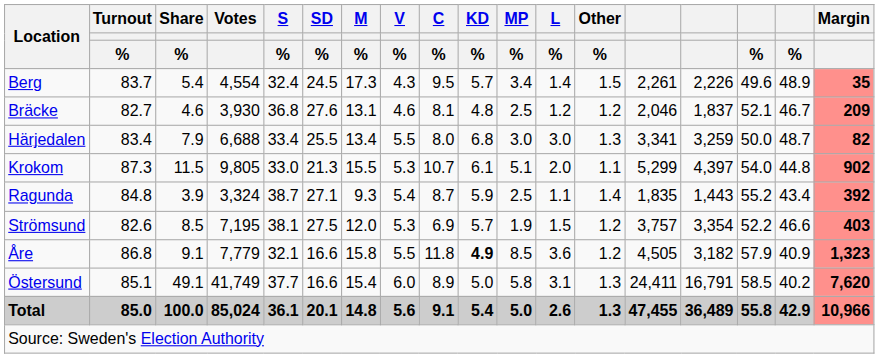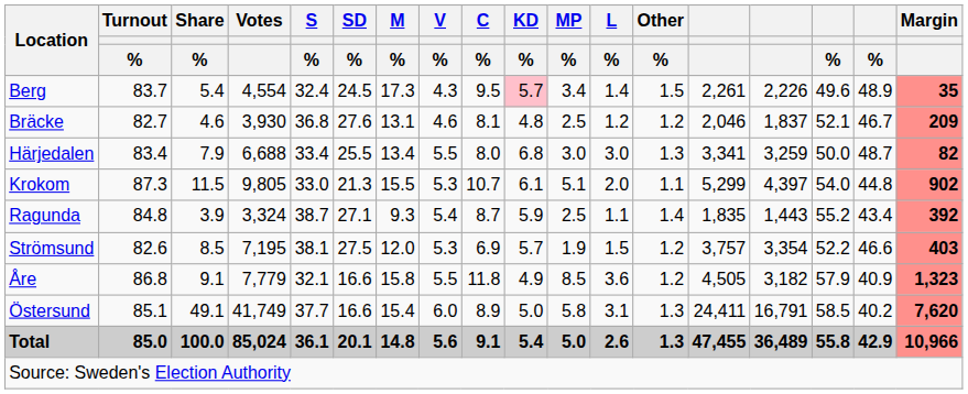 <table class="wikitable sortable" style="text-align:right; font-size:95%; line-height:20px;">
 <tr>
 <th rowspan="3">Location</th>
 <th>Turnout</th>
 <th>Share</th>
 <th>Votes</th>
 <th width="30px" class="unsortable"><a href='#'>S</a></th>
 <th width="30px" class="unsortable"><a href='#'>SD</a></th>
 <th width="30px" class="unsortable"><a href='#'>M</a></th>
 <th width="30px" class="unsortable"><a href='#'>V</a></th>
 <th width="30px" class="unsortable"><a href='#'>C</a></th>
 <th width="30px" class="unsortable"><a href='#'>KD</a></th>
 <th width="30px" class="unsortable"><a href='#'>MP</a></th>
 <th width="30px" class="unsortable"><a href='#'>L</a></th>
 <th width="30px" class="unsortable">Other</th>
 <th></th>
 <th></th>
 <th></th>
 <th></th>
 <th>Margin</th>
 </tr>
 <tr>
 <th></th>
 <th></th>
 <th></th>
 <th style="background:"></th>
 <th style="background:"></th>
 <th style="background:"></th>
 <th style="background:"></th>
 <th style="background:"></th>
 <th style="background:"></th>
 <th style="background:"></th>
 <th style="background:"></th>
 <th style="background:"></th>
 <th style="background:"></th>
 <th style="background:"></th>
 <th style="background:"></th>
 <th style="background:"></th>
 <th></th>
 </tr>
 <tr>
 <th data-sort-type="number">%</th>
 <th data-sort-type="number">%</th>
 <th></th>
 <th data-sort-type="number">%</th>
 <th data-sort-type="number">%</th>
 <th data-sort-type="number">%</th>
 <th data-sort-type="number">%</th>
 <th data-sort-type="number">%</th>
 <th data-sort-type="number">%</th>
 <th data-sort-type="number">%</th>
 <th data-sort-type="number">%</th>
 <th data-sort-type="number">%</th>
 <th data-sort-type="number"></th>
 <th data-sort-type="number"></th>
 <th data-sort-type="number">%</th>
 <th data-sort-type="number">%</th>
 <th data-sort-type="number"></th>
 </tr>
 <tr>
 <td align="left"><a href='#'>Berg</a></td>
 <td>83.7</td>
 <td>5.4</td>
 <td>4,554</td>
 <td>32.4</td>
 <td>24.5</td>
 <td>17.3</td>
 <td>4.3</td>
 <td>9.5</td>
-<td>5.7</td>
+<td style="background: pink;">5.7</td>
 <td>3.4</td>
 <td>1.4</td>
 <td>1.5</td>
 <td>2,261</td>
 <td>2,226</td>
 <td>49.6</td>
 <td>48.9</td>
 <td bgcolor=#ff908c><strong>35</strong></td>
 </tr>
 <tr>
 <td align="left"><a href='#'>Bräcke</a></td>
 <td>82.7</td>
 <td>4.6</td>
 <td>3,930</td>
 <td>36.8</td>
 <td>27.6</td>
 <td>13.1</td>
 <td>4.6</td>
 <td>8.1</td>
 <td>4.8</td>
 <td>2.5</td>
 <td>1.2</td>
 <td>1.2</td>
 <td>2,046</td>
 <td>1,837</td>
 <td>52.1</td>
 <td>46.7</td>
 <td bgcolor=#ff908c><strong>209</strong></td>
 </tr>
 <tr>
 <td align="left"><a href='#'>Härjedalen</a></td>
 <td>83.4</td>
 <td>7.9</td>
 <td>6,688</td>
 <td>33.4</td>
 <td>25.5</td>
 <td>13.4</td>
 <td>5.5</td>
 <td>8.0</td>
 <td>6.8</td>
 <td>3.0</td>
 <td>3.0</td>
 <td>1.3</td>
 <td>3,341</td>
 <td>3,259</td>
 <td>50.0</td>
 <td>48.7</td>
 <td bgcolor=#ff908c><strong>82</strong></td>
 </tr>
 <tr>
 <td align="left"><a href='#'>Krokom</a></td>
 <td>87.3</td>
 <td>11.5</td>
 <td>9,805</td>
 <td>33.0</td>
 <td>21.3</td>
 <td>15.5</td>
 <td>5.3</td>
 <td>10.7</td>
 <td>6.1</td>
 <td>5.1</td>
 <td>2.0</td>
 <td>1.1</td>
 <td>5,299</td>
 <td>4,397</td>
 <td>54.0</td>
 <td>44.8</td>
 <td bgcolor=#ff908c><strong>902</strong></td>
 </tr>
 <tr>
 <td align="left"><a href='#'>Ragunda</a></td>
 <td>84.8</td>
 <td>3.9</td>
 <td>3,324</td>
 <td>38.7</td>
 <td>27.1</td>
 <td>9.3</td>
 <td>5.4</td>
 <td>8.7</td>
 <td>5.9</td>
 <td>2.5</td>
 <td>1.1</td>
 <td>1.4</td>
 <td>1,835</td>
 <td>1,443</td>
 <td>55.2</td>
 <td>43.4</td>
 <td bgcolor=#ff908c><strong>392</strong></td>
 </tr>
 <tr>
 <td align="left"><a href='#'>Strömsund</a></td>
 <td>82.6</td>
 <td>8.5</td>
 <td>7,195</td>
 <td>38.1</td>
 <td>27.5</td>
 <td>12.0</td>
 <td>5.3</td>
 <td>6.9</td>
 <td>5.7</td>
 <td>1.9</td>
 <td>1.5</td>
 <td>1.2</td>
 <td>3,757</td>
 <td>3,354</td>
 <td>52.2</td>
 <td>46.6</td>
 <td bgcolor=#ff908c><strong>403</strong></td>
 </tr>
 <tr>
 <td align="left"><a href='#'>Åre</a></td>
 <td>86.8</td>
 <td>9.1</td>
 <td>7,779</td>
 <td>32.1</td>
 <td>16.6</td>
 <td>15.8</td>
 <td>5.5</td>
 <td>11.8</td>
-<td><strong>4.9</strong></td>
+<td>4.9</td>
 <td>8.5</td>
 <td>3.6</td>
 <td>1.2</td>
 <td>4,505</td>
 <td>3,182</td>
 <td>57.9</td>
 <td>40.9</td>
 <td bgcolor=#ff908c><strong>1,323</strong></td>
 </tr>
 <tr>
 <td align="left"><a href='#'>Östersund</a></td>
 <td>85.1</td>
 <td>49.1</td>
 <td>41,749</td>
 <td>37.7</td>
 <td>16.6</td>
 <td>15.4</td>
 <td>6.0</td>
 <td>8.9</td>
 <td>5.0</td>
 <td>5.8</td>
 <td>3.1</td>
 <td>1.3</td>
 <td>24,411</td>
 <td>16,791</td>
 <td>58.5</td>
 <td>40.2</td>
 <td bgcolor=#ff908c><strong>7,620</strong></td>
 </tr>
 <tr style="background:#CDCDCD;">
 <td align="left"><strong>Total</strong></td>
 <td><strong>85.0</strong></td>
 <td><strong>100.0</strong></td>
 <td><strong>85,024</strong></td>
 <td><strong>36.1</strong></td>
 <td><strong>20.1</strong></td>
 <td><strong>14.8</strong></td>
 <td><strong>5.6</strong></td>
 <td><strong>9.1</strong></td>
 <td><strong>5.4</strong></td>
 <td><strong>5.0</strong></td>
 <td><strong>2.6</strong></td>
 <td><strong>1.3</strong></td>
 <td><strong>47,455</strong></td>
 <td><strong>36,489</strong></td>
 <td><strong>55.8</strong></td>
 <td><strong>42.9</strong></td>
 <td bgcolor=#ff908c><strong>10,966</strong></td>
 </tr>
 <tr>
 <td colspan="18" align="left">Source: Sweden's <a href='#'>Election Authority</a></td>
 </tr>
 </table>
